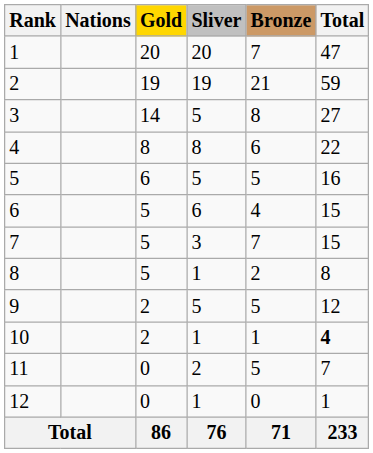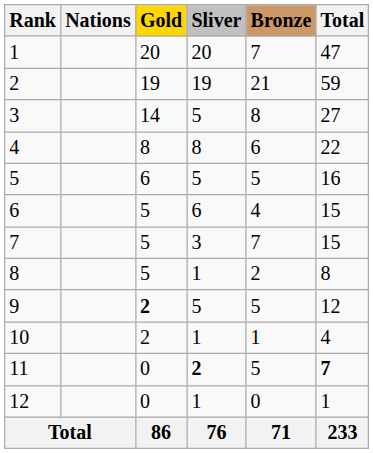 <table class=wikitable sortable|RankedMedalTable>
 <tr>
 <th>Rank</th>
 <th style="text-align:center;">Nations</th>
 <th style="background: gold;">Gold</th>
 <th style="background:silver;">Sliver</th>
 <th style="background:#c96;">Bronze</th>
 <th>Total</th>
 </tr>
 <tr>
 <td>1</td>
 <td align=left></td>
 <td>20</td>
 <td>20</td>
 <td>7</td>
 <td>47</td>
 </tr>
 <tr>
 <td>2</td>
 <td align=left></td>
 <td>19</td>
 <td>19</td>
 <td>21</td>
 <td>59</td>
 </tr>
 <tr>
 <td>3</td>
 <td align=left></td>
 <td>14</td>
 <td>5</td>
 <td>8</td>
 <td>27</td>
 </tr>
 <tr>
 <td>4</td>
 <td align=left></td>
 <td>8</td>
 <td>8</td>
 <td>6</td>
 <td>22</td>
 </tr>
 <tr>
 <td>5</td>
 <td align=left></td>
 <td>6</td>
 <td>5</td>
 <td>5</td>
 <td>16</td>
 </tr>
 <tr>
 <td>6</td>
 <td align=left></td>
 <td>5</td>
 <td>6</td>
 <td>4</td>
 <td>15</td>
 </tr>
 <tr>
 <td>7</td>
 <td align=left></td>
 <td>5</td>
 <td>3</td>
 <td>7</td>
 <td>15</td>
 </tr>
 <tr>
 <td>8</td>
 <td align=left></td>
 <td>5</td>
 <td>1</td>
 <td>2</td>
 <td>8</td>
 </tr>
 <tr>
 <td>9</td>
 <td align=left></td>
-<td>2</td>
+<td><strong>2</strong></td>
 <td>5</td>
 <td>5</td>
 <td>12</td>
 </tr>
 <tr>
 <td>10</td>
 <td align=left></td>
 <td>2</td>
 <td>1</td>
 <td>1</td>
-<td><strong>4</strong></td>
+<td>4</td>
 </tr>
 <tr>
 <td>11</td>
 <td align=left></td>
 <td>0</td>
-<td>2</td>
+<td><strong>2</strong></td>
 <td>5</td>
-<td>7</td>
+<td><strong>7</strong></td>
 </tr>
 <tr>
 <td>12</td>
 <td align=left></td>
 <td>0</td>
 <td>1</td>
 <td>0</td>
 <td>1</td>
 </tr>
 <tr class="sortbottom">
 <th colspan=2>Total</th>
 <th>86</th>
 <th>76</th>
 <th>71</th>
 <th>233</th>
 </tr>
 </table>
